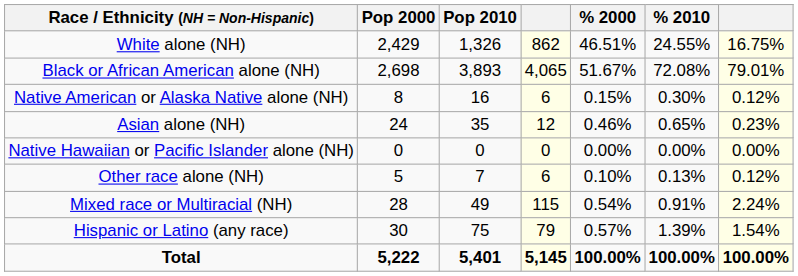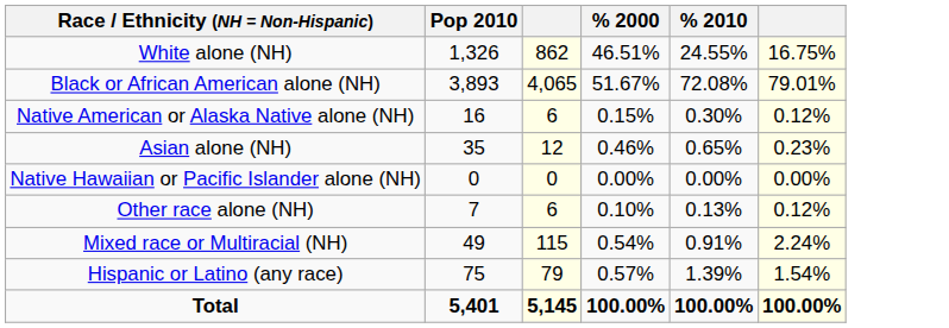 <table class="wikitable" style="text-align:center;">
 <tr>
 <th>Race / Ethnicity <small>(<em>NH = Non-Hispanic</em>)</small></th>
-<th>Pop 2000</th>
 <th>Pop 2010</th>
 <th></th>
 <th>% 2000</th>
 <th>% 2010</th>
 <th></th>
 </tr>
 <tr>
 <td><a href='#'>White</a> alone (NH)</td>
-<td>2,429</td>
 <td>1,326</td>
 <td style='background: #ffffe6;'>862</td>
 <td>46.51%</td>
 <td>24.55%</td>
 <td style='background: #ffffe6;'>16.75%</td>
 </tr>
 <tr>
 <td><a href='#'>Black or African American</a> alone (NH)</td>
-<td>2,698</td>
 <td>3,893</td>
 <td style='background: #ffffe6;'>4,065</td>
 <td>51.67%</td>
 <td>72.08%</td>
 <td style='background: #ffffe6;'>79.01%</td>
 </tr>
 <tr>
 <td><a href='#'>Native American</a> or <a href='#'>Alaska Native</a> alone (NH)</td>
-<td>8</td>
 <td>16</td>
 <td style='background: #ffffe6;'>6</td>
 <td>0.15%</td>
 <td>0.30%</td>
 <td style='background: #ffffe6;'>0.12%</td>
 </tr>
 <tr>
 <td><a href='#'>Asian</a> alone (NH)</td>
-<td>24</td>
 <td>35</td>
 <td style='background: #ffffe6;'>12</td>
 <td>0.46%</td>
 <td>0.65%</td>
 <td style='background: #ffffe6;'>0.23%</td>
 </tr>
 <tr>
 <td><a href='#'>Native Hawaiian</a> or <a href='#'>Pacific Islander</a> alone (NH)</td>
 <td>0</td>
-<td>0</td>
 <td style='background: #ffffe6;'>0</td>
 <td>0.00%</td>
 <td>0.00%</td>
 <td style='background: #ffffe6;'>0.00%</td>
 </tr>
 <tr>
 <td><a href='#'>Other race</a> alone (NH)</td>
-<td>5</td>
 <td>7</td>
 <td style='background: #ffffe6;'>6</td>
 <td>0.10%</td>
 <td>0.13%</td>
 <td style='background: #ffffe6;'>0.12%</td>
 </tr>
 <tr>
 <td><a href='#'>Mixed race or Multiracial</a> (NH)</td>
-<td>28</td>
 <td>49</td>
 <td style='background: #ffffe6;'>115</td>
 <td>0.54%</td>
 <td>0.91%</td>
 <td style='background: #ffffe6;'>2.24%</td>
 </tr>
 <tr>
 <td><a href='#'>Hispanic or Latino</a> (any race)</td>
-<td>30</td>
 <td>75</td>
 <td style='background: #ffffe6;'>79</td>
 <td>0.57%</td>
 <td>1.39%</td>
 <td style='background: #ffffe6;'>1.54%</td>
 </tr>
 <tr>
 <td><strong>Total</strong></td>
-<td><strong>5,222</strong></td>
 <td><strong>5,401</strong></td>
 <td style='background: #ffffe6;'><strong>5,145</strong></td>
 <td><strong>100.00%</strong></td>
 <td><strong>100.00%</strong></td>
 <td style='background: #ffffe6;'><strong>100.00%</strong></td>
 </tr>
 </table>
